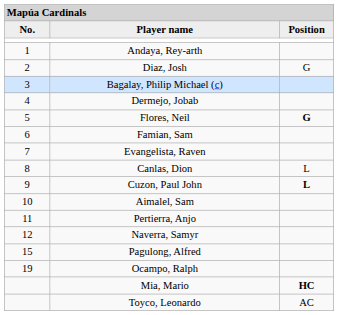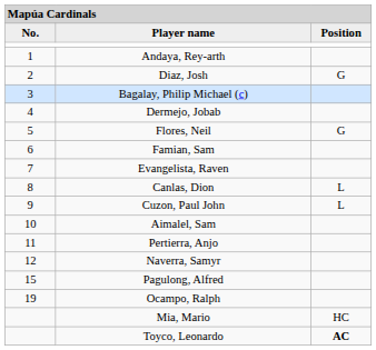 <table class='wikitable mw-collapsible mw-collapsed' style='text-align: center; width: 500px; border: none;'>
 <tr>
 <th style="background:#D4D4D4; text-align:left;" colspan=3> Mapúa Cardinals</th>
 </tr>
 <tr style="background:#EEEEEE; font-weight:bold;">
 <td width=10%>No.</td>
 <td width=50%>Player name</td>
 <td width=10%>Position</td>
 </tr>
 <tr style="background:#FFFFFF;">
 <td colspan=3 align=center></td>
 </tr>
 <tr>
 <td align=center>1</td>
 <td>Andaya, Rey-arth</td>
 <td align=center></td>
 </tr>
 <tr>
 <td align=center>2</td>
 <td>Diaz, Josh</td>
 <td align=center>G</td>
 </tr>
 <tr style="background:#D0E6FF;">
 <td align=center>3</td>
 <td>Bagalay, Philip Michael (<a href='#'>c</a>)</td>
 <td align=center></td>
 </tr>
 <tr>
 <td align=center>4</td>
 <td>Dermejo, Jobab</td>
 <td align=center></td>
 </tr>
 <tr>
 <td align=center>5</td>
 <td>Flores, Neil</td>
-<td align=center><strong>G</strong></td>
+<td align=center>G</td>
 </tr>
 <tr>
 <td align=center>6</td>
 <td>Famian, Sam</td>
 <td align=center></td>
 </tr>
 <tr>
 <td align=center>7</td>
 <td>Evangelista, Raven</td>
 <td align=center></td>
 </tr>
 <tr>
 <td align=center>8</td>
 <td>Canlas, Dion</td>
 <td align=center>L</td>
 </tr>
 <tr>
 <td align=center>9</td>
 <td>Cuzon, Paul John</td>
-<td align=center><strong>L</strong></td>
+<td align=center>L</td>
 </tr>
 <tr>
 <td align=center>10</td>
 <td>Aimalel, Sam</td>
 <td align=center></td>
 </tr>
 <tr>
 <td align=center>11</td>
 <td>Pertierra, Anjo</td>
 <td align=center></td>
 </tr>
 <tr>
 <td align=center>12</td>
 <td>Naverra, Samyr</td>
 <td align=center></td>
 </tr>
 <tr>
 <td align=center>15</td>
 <td>Pagulong, Alfred</td>
 <td align=center></td>
 </tr>
 <tr>
 <td align=center>19</td>
 <td>Ocampo, Ralph</td>
 <td align=center></td>
 </tr>
 <tr>
 <td align=center></td>
 <td>Mia, Mario</td>
-<td align=center><strong>HC</strong></td>
+<td align=center>HC</td>
 </tr>
 <tr>
 <td align=center></td>
 <td>Toyco, Leonardo</td>
-<td align=center>AC</td>
+<td align=center><strong>AC</strong></td>
 </tr>
 <tr>
 </tr>
 </table>
